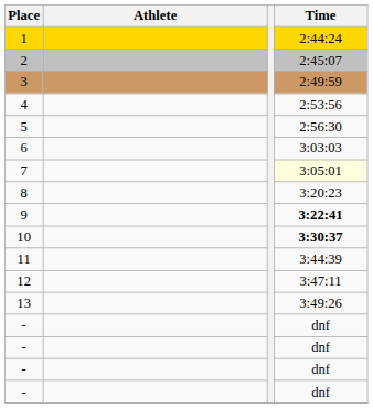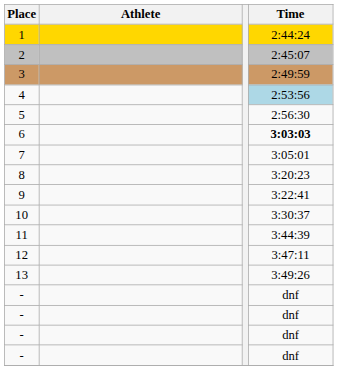 <table class="wikitable" style="text-align:center">
 <tr>
 <th>Place</th>
 <th width=250>Athlete</th>
 <th rowspan=18></th>
 <th width=100>Time</th>
 </tr>
 <tr bgcolor=gold>
 <td>1</td>
 <td align=left></td>
 <td>2:44:24</td>
 </tr>
 <tr bgcolor=silver>
 <td>2</td>
 <td align=left></td>
 <td>2:45:07</td>
 </tr>
 <tr bgcolor=cc9966>
 <td>3</td>
 <td align=left></td>
 <td>2:49:59</td>
 </tr>
 <tr>
 <td>4</td>
 <td align=left></td>
-<td>2:53:56</td>
+<td style="background: lightblue;">2:53:56</td>
 </tr>
 <tr>
 <td>5</td>
 <td align=left></td>
 <td>2:56:30</td>
 </tr>
 <tr>
 <td>6</td>
 <td align=left></td>
-<td>3:03:03</td>
+<td><strong>3:03:03</strong></td>
 </tr>
 <tr>
 <td>7</td>
 <td align=left></td>
-<td style="background: lightyellow;">3:05:01</td>
+<td>3:05:01</td>
 </tr>
 <tr>
 <td>8</td>
 <td align=left></td>
 <td>3:20:23</td>
 </tr>
 <tr>
 <td>9</td>
 <td align=left></td>
-<td><strong>3:22:41</strong></td>
+<td>3:22:41</td>
 </tr>
 <tr>
 <td>10</td>
 <td align=left></td>
-<td><strong>3:30:37</strong></td>
+<td>3:30:37</td>
 </tr>
 <tr>
 <td>11</td>
 <td align=left></td>
 <td>3:44:39</td>
 </tr>
 <tr>
 <td>12</td>
 <td align=left></td>
 <td>3:47:11</td>
 </tr>
 <tr>
 <td>13</td>
 <td align=left></td>
 <td>3:49:26</td>
 </tr>
 <tr>
 <td>-</td>
 <td align=left></td>
 <td>dnf</td>
 </tr>
 <tr>
 <td>-</td>
 <td align=left></td>
 <td>dnf</td>
 </tr>
 <tr>
 <td>-</td>
 <td align=left></td>
 <td>dnf</td>
 </tr>
 <tr>
 <td>-</td>
 <td align=left></td>
 <td>dnf</td>
 </tr>
 <tr>
 </tr>
 </table>
